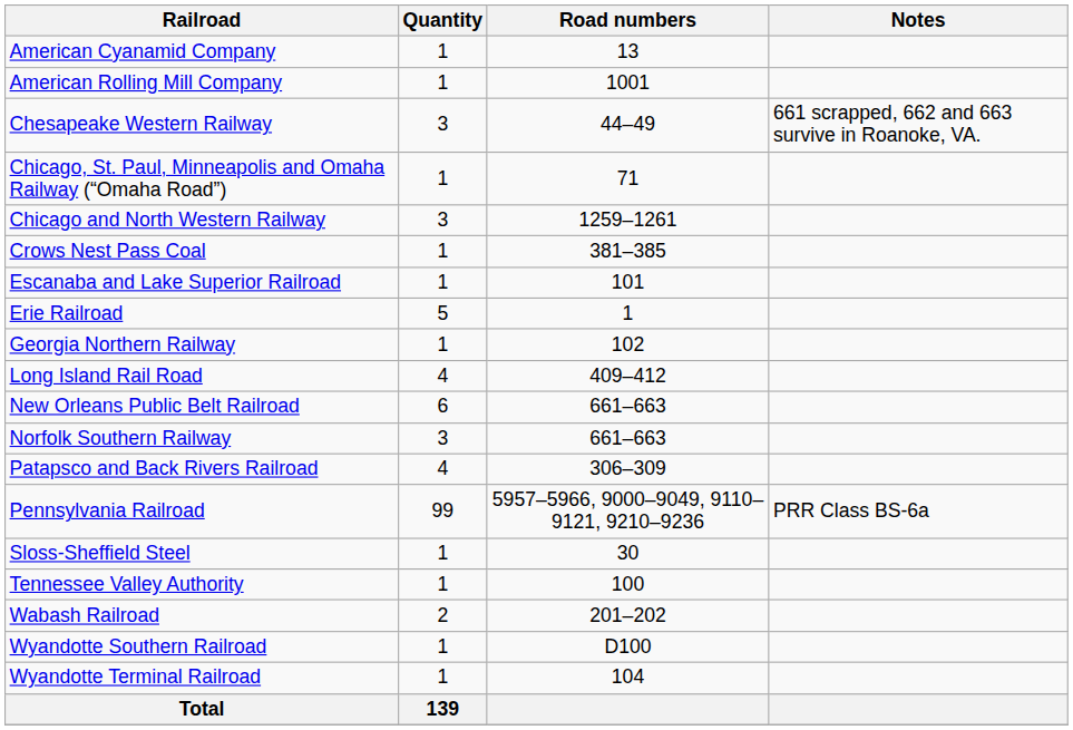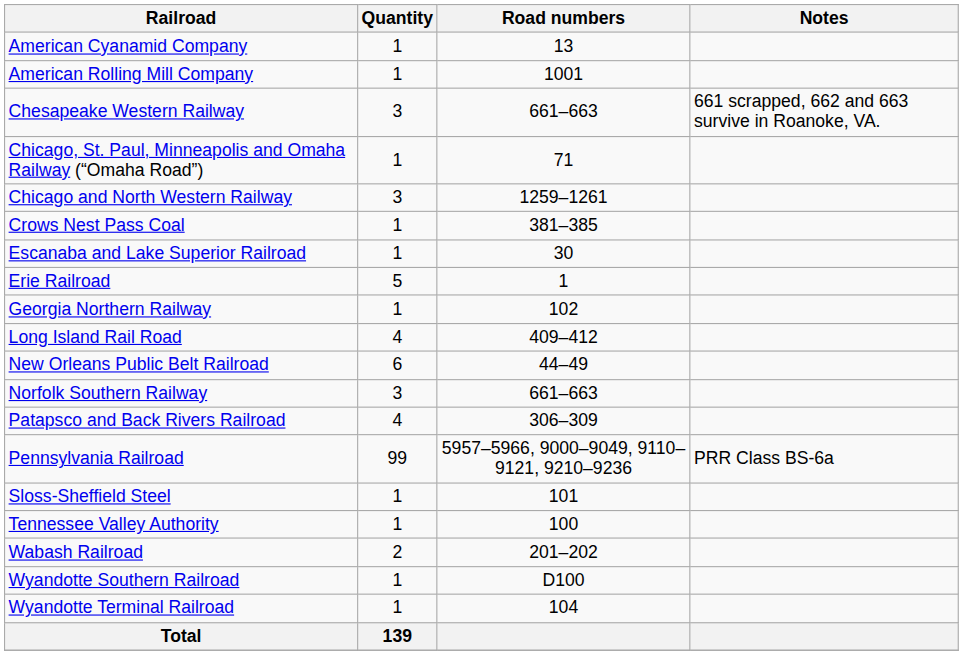 <table class="wikitable">
 <tr>
 <th>Railroad</th>
 <th>Quantity</th>
 <th>Road numbers</th>
 <th>Notes</th>
 </tr>
 <tr>
 <td><a href='#'>American Cyanamid Company</a></td>
 <td style="text-align: center;">1</td>
 <td style="text-align: center;">13</td>
 <td></td>
 </tr>
 <tr>
 <td><a href='#'>American Rolling Mill Company</a></td>
 <td style="text-align: center;">1</td>
 <td style="text-align: center;">1001</td>
 <td></td>
 </tr>
 <tr>
 <td><a href='#'>Chesapeake Western Railway</a></td>
 <td style="text-align: center;">3</td>
-<td style="text-align: center;">44–49</td>
+<td style="text-align: center;">661–663</td>
 <td>661 scrapped, 662 and 663 survive in Roanoke, VA.</td>
 </tr>
 <tr>
 <td><a href='#'>Chicago, St. Paul, Minneapolis and Omaha Railway</a> (“Omaha Road”)</td>
 <td style="text-align: center;">1</td>
 <td style="text-align: center;">71</td>
 <td></td>
 </tr>
 <tr>
 <td><a href='#'>Chicago and North Western Railway</a></td>
 <td style="text-align: center;">3</td>
 <td style="text-align: center;">1259–1261</td>
 <td></td>
 </tr>
 <tr>
 <td><a href='#'>Crows Nest Pass Coal</a></td>
 <td style="text-align: center;">1</td>
 <td style="text-align: center;">381–385</td>
 <td></td>
 </tr>
 <tr>
 <td><a href='#'>Escanaba and Lake Superior Railroad</a></td>
 <td style="text-align: center;">1</td>
-<td style="text-align: center;">101</td>
+<td style="text-align: center;">30</td>
 <td></td>
 </tr>
 <tr>
 <td><a href='#'>Erie Railroad</a></td>
 <td style="text-align: center;">5</td>
 <td style="text-align: center;">1</td>
 <td></td>
 </tr>
 <tr>
 <td><a href='#'>Georgia Northern Railway</a></td>
 <td style="text-align: center;">1</td>
 <td style="text-align: center;">102</td>
 <td></td>
 </tr>
 <tr>
 <td><a href='#'>Long Island Rail Road</a></td>
 <td style="text-align: center;">4</td>
 <td style="text-align: center;">409–412</td>
 <td></td>
 </tr>
 <tr>
 <td><a href='#'>New Orleans Public Belt Railroad</a></td>
 <td style="text-align: center;">6</td>
-<td style="text-align: center;">661–663</td>
+<td style="text-align: center;">44–49</td>
 <td></td>
 </tr>
 <tr>
 <td><a href='#'>Norfolk Southern Railway</a></td>
 <td style="text-align: center;">3</td>
 <td style="text-align: center;">661–663</td>
 <td></td>
 </tr>
 <tr>
 <td><a href='#'>Patapsco and Back Rivers Railroad</a></td>
 <td style="text-align: center;">4</td>
 <td style="text-align: center;">306–309</td>
 <td></td>
 </tr>
 <tr>
 <td><a href='#'>Pennsylvania Railroad</a></td>
 <td style="text-align: center;">99</td>
 <td style="text-align: center;">5957–5966, 9000–9049, 9110–9121, 9210–9236</td>
 <td>PRR Class BS-6a</td>
 </tr>
 <tr>
 <td><a href='#'>Sloss-Sheffield Steel</a></td>
 <td style="text-align: center;">1</td>
-<td style="text-align: center;">30</td>
+<td style="text-align: center;">101</td>
 <td></td>
 </tr>
 <tr>
 <td><a href='#'>Tennessee Valley Authority</a></td>
 <td style="text-align: center;">1</td>
 <td style="text-align: center;">100</td>
 <td></td>
 </tr>
 <tr>
 <td><a href='#'>Wabash Railroad</a></td>
 <td style="text-align: center;">2</td>
 <td style="text-align: center;">201–202</td>
 <td></td>
 </tr>
 <tr>
 <td><a href='#'>Wyandotte Southern Railroad</a></td>
 <td style="text-align: center;">1</td>
 <td style="text-align: center;">D100</td>
 <td></td>
 </tr>
 <tr>
 <td><a href='#'>Wyandotte Terminal Railroad</a></td>
 <td style="text-align: center;">1</td>
 <td style="text-align: center;">104</td>
 <td></td>
 </tr>
 <tr>
 <th>Total</th>
 <th>139</th>
 <th></th>
 <th></th>
 </tr>
 <tr>
 </tr>
 </table>
